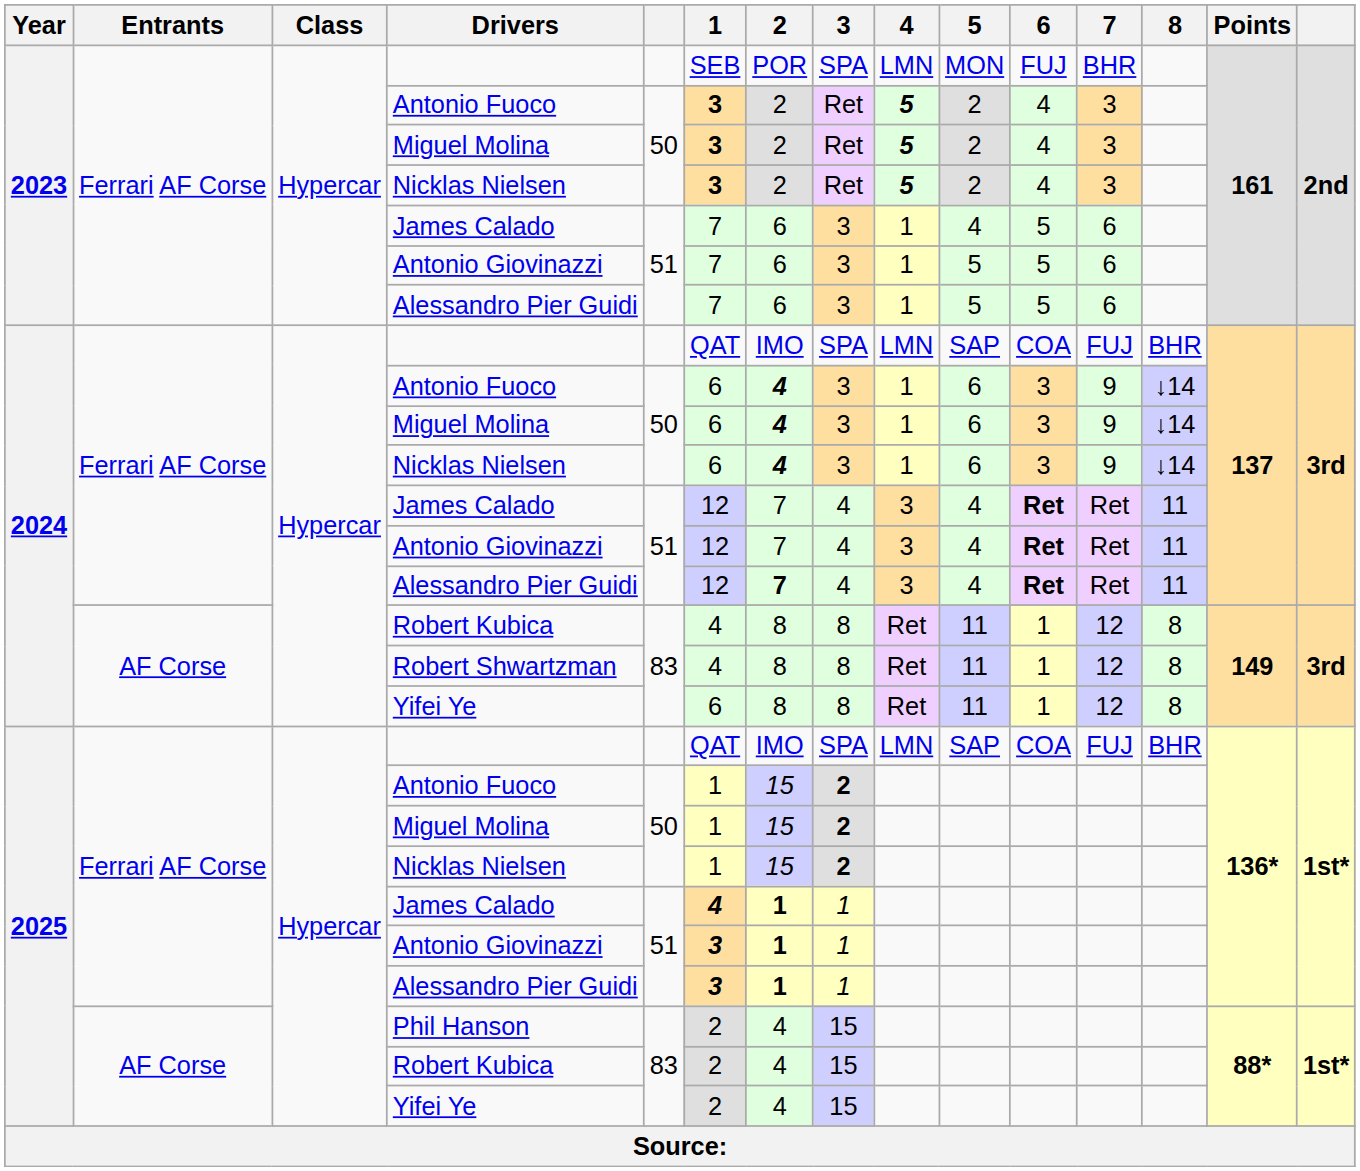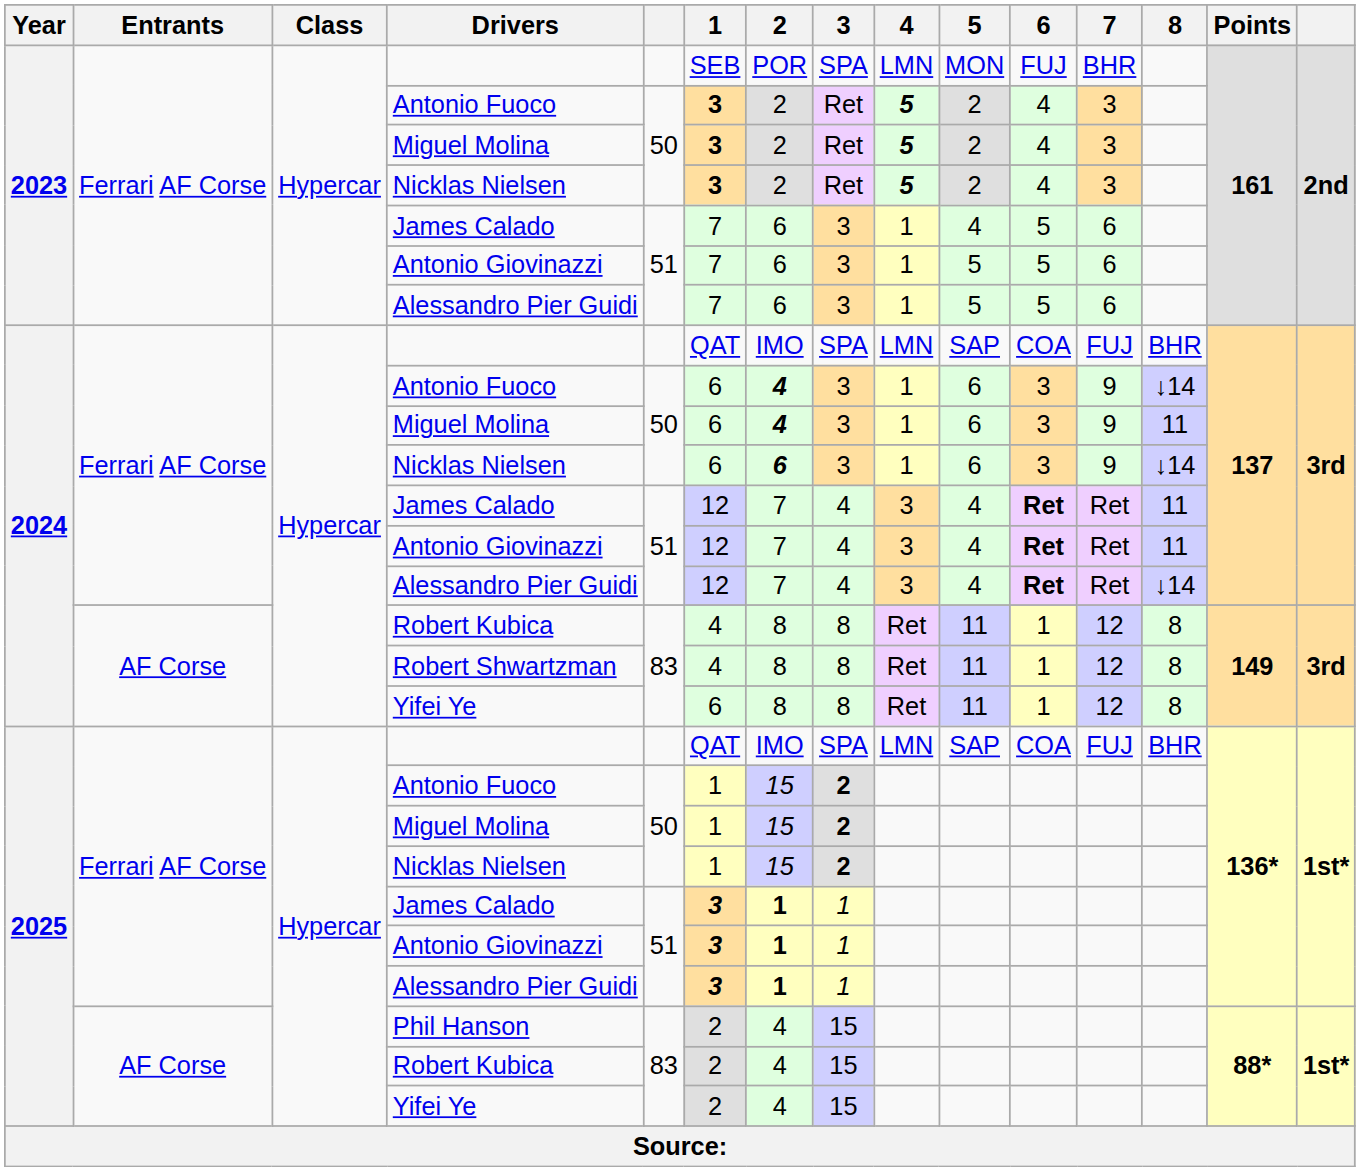 <table class="wikitable" style="text-align:center; font-size:90%">
 <tr>
 <th>Year</th>
 <th>Entrants</th>
 <th>Class</th>
 <th>Drivers</th>
 <th></th>
 <th>1</th>
 <th>2</th>
 <th>3</th>
 <th>4</th>
 <th>5</th>
 <th>6</th>
 <th>7</th>
 <th>8</th>
 <th>Points</th>
 <th></th>
 </tr>
 <tr>
 <th rowspan="7"><a href='#'>2023</a></th>
 <td rowspan="7"><a href='#'>Ferrari</a> <a href='#'>AF Corse</a></td>
 <td rowspan="7"><a href='#'>Hypercar</a></td>
 <td></td>
 <td></td>
 <td><a href='#'>SEB</a></td>
 <td><a href='#'>POR</a></td>
 <td><a href='#'>SPA</a></td>
 <td><a href='#'>LMN</a></td>
 <td><a href='#'>MON</a></td>
 <td><a href='#'>FUJ</a></td>
 <td><a href='#'>BHR</a></td>
 <td></td>
 <th rowspan="7" style="background:#dfdfdf;”">161</th>
 <th rowspan="7" style="background:#dfdfdf;”">2nd</th>
 </tr>
 <tr>
 <td align="left" style="border-left:0px"> <a href='#'>Antonio Fuoco</a></td>
 <td rowspan="3">50</td>
 <td style="background:#ffdf9f;”"><strong>3</strong></td>
 <td style="background:#dfdfdf;”">2</td>
 <td style="background:#efcfff;">Ret</td>
 <td style="background:#dfffdf;”"><strong><em>5</em></strong></td>
 <td style="background:#dfdfdf;”">2</td>
 <td style="background:#dfffdf;”">4</td>
 <td style="background:#ffdf9f;”">3</td>
 <td></td>
 </tr>
 <tr>
 <td align="left" style="border-left:0px"> <a href='#'>Miguel Molina</a></td>
 <td style="background:#ffdf9f;”"><strong>3</strong></td>
 <td style="background:#dfdfdf;”">2</td>
 <td style="background:#efcfff;">Ret</td>
 <td style="background:#dfffdf;”"><strong><em>5</em></strong></td>
 <td style="background:#dfdfdf;”">2</td>
 <td style="background:#dfffdf;”">4</td>
 <td style="background:#ffdf9f;”">3</td>
 <td></td>
 </tr>
 <tr>
 <td align="left" style="border-left:0px"> <a href='#'>Nicklas Nielsen</a></td>
 <td style="background:#ffdf9f;”"><strong>3</strong></td>
 <td style="background:#dfdfdf;”">2</td>
 <td style="background:#efcfff;">Ret</td>
 <td style="background:#dfffdf;”"><strong><em>5</em></strong></td>
 <td style="background:#dfdfdf;”">2</td>
 <td style="background:#dfffdf;”">4</td>
 <td style="background:#ffdf9f;”">3</td>
 <td></td>
 </tr>
 <tr>
 <td align="left" style="border-left:0px"> <a href='#'>James Calado</a></td>
 <td rowspan="3">51</td>
 <td style="background:#dfffdf;”">7</td>
 <td style="background:#dfffdf;”">6</td>
 <td style="background:#ffdf9f;">3</td>
 <td style="background:#ffffbf;”">1</td>
 <td style="background:#dfffdf;”">4</td>
 <td style="background:#dfffdf;”">5</td>
 <td style="background:#dfffdf;”">6</td>
 <td></td>
 </tr>
 <tr>
 <td align="left" style="border-left:0px"> <a href='#'>Antonio Giovinazzi</a></td>
 <td style="background:#dfffdf;”">7</td>
 <td style="background:#dfffdf;”">6</td>
 <td style="background:#ffdf9f;">3</td>
 <td style="background:#ffffbf;”">1</td>
 <td style="background:#dfffdf;”">5</td>
 <td style="background:#dfffdf;”">5</td>
 <td style="background:#dfffdf;”">6</td>
 <td></td>
 </tr>
 <tr>
 <td align="left" style="border-left:0px"> <a href='#'>Alessandro Pier Guidi</a></td>
 <td style="background:#dfffdf;”">7</td>
 <td style="background:#dfffdf;”">6</td>
 <td style="background:#ffdf9f;">3</td>
 <td style="background:#ffffbf;”">1</td>
 <td style="background:#dfffdf;”">5</td>
 <td style="background:#dfffdf;”">5</td>
 <td style="background:#dfffdf;”">6</td>
 <td></td>
 </tr>
 <tr>
 <th rowspan="10"><a href='#'>2024</a></th>
 <td rowspan="7"><a href='#'>Ferrari</a> <a href='#'>AF Corse</a></td>
 <td rowspan="10"><a href='#'>Hypercar</a></td>
 <td></td>
 <td></td>
 <td><a href='#'>QAT</a></td>
 <td><a href='#'>IMO</a></td>
 <td><a href='#'>SPA</a></td>
 <td><a href='#'>LMN</a></td>
 <td><a href='#'>SAP</a></td>
 <td><a href='#'>COA</a></td>
 <td><a href='#'>FUJ</a></td>
 <td><a href='#'>BHR</a></td>
 <th rowspan="7" style="background:#ffdf9f;">137</th>
 <th rowspan="7" style="background:#ffdf9f;">3rd</th>
 </tr>
 <tr>
 <td align="left" style="border-left:0px"> <a href='#'>Antonio Fuoco</a></td>
 <td rowspan="3">50</td>
 <td style="background-color:#dfffdf;">6</td>
 <td style="background:#dfffdf;”"><strong><em>4</em></strong></td>
 <td style="background:#ffdf9f;">3</td>
 <td style="background:#ffffbf;”">1</td>
 <td style="background:#dfffdf;”">6</td>
 <td style="background:#ffdf9f;">3</td>
 <td style="background:#dfffdf;”">9</td>
 <td style="background:#cfcfff;”">↓14</td>
 </tr>
 <tr>
 <td align="left" style="border-left:0px"> <a href='#'>Miguel Molina</a></td>
 <td style="background-color:#dfffdf;">6</td>
 <td style="background:#dfffdf;”"><strong><em>4</em></strong></td>
 <td style="background:#ffdf9f;">3</td>
 <td style="background:#ffffbf;”">1</td>
 <td style="background:#dfffdf;”">6</td>
 <td style="background:#ffdf9f;">3</td>
 <td style="background:#dfffdf;”">9</td>
-<td style="background:#cfcfff;”">↓14</td>
+<td style="background:#cfcfff;”">11</td>
 </tr>
 <tr>
 <td align="left" style="border-left:0px"> <a href='#'>Nicklas Nielsen</a></td>
 <td style="background-color:#dfffdf;">6</td>
-<td style="background:#dfffdf;”"><strong><em>4</em></strong></td>
+<td style="background:#dfffdf;”"><strong><em>6</em></strong></td>
 <td style="background:#ffdf9f;">3</td>
 <td style="background:#ffffbf;”">1</td>
 <td style="background:#dfffdf;”">6</td>
 <td style="background:#ffdf9f;">3</td>
 <td style="background:#dfffdf;”">9</td>
 <td style="background:#cfcfff;”">↓14</td>
 </tr>
 <tr>
 <td align="left" style="border-left:0px"> <a href='#'>James Calado</a></td>
 <td rowspan="3">51</td>
 <td style="background:#cfcfff;”">12</td>
 <td style="background:#dfffdf;”">7</td>
 <td style="background:#dfffdf;”">4</td>
 <td style="background:#ffdf9f;">3</td>
 <td style="background:#dfffdf;”">4</td>
 <td style="background:#efcfff;"><strong>Ret</strong></td>
 <td style="background:#efcfff;">Ret</td>
 <td style="background:#cfcfff;”">11</td>
 </tr>
 <tr>
 <td align="left" style="border-left:0px"> <a href='#'>Antonio Giovinazzi</a></td>
 <td style="background:#cfcfff;”">12</td>
 <td style="background:#dfffdf;”">7</td>
 <td style="background:#dfffdf;”">4</td>
 <td style="background:#ffdf9f;">3</td>
 <td style="background:#dfffdf;”">4</td>
 <td style="background:#efcfff;"><strong>Ret</strong></td>
 <td style="background:#efcfff;">Ret</td>
 <td style="background:#cfcfff;”">11</td>
 </tr>
 <tr>
 <td align="left" style="border-left:0px"> <a href='#'>Alessandro Pier Guidi</a></td>
 <td style="background:#cfcfff;”">12</td>
-<td style="background:#dfffdf;”"><strong>7</strong></td>
+<td style="background:#dfffdf;”">7</td>
 <td style="background:#dfffdf;”">4</td>
 <td style="background:#ffdf9f;">3</td>
 <td style="background:#dfffdf;”">4</td>
 <td style="background:#efcfff;"><strong>Ret</strong></td>
 <td style="background:#efcfff;">Ret</td>
-<td style="background:#cfcfff;”">11</td>
+<td style="background:#cfcfff;”">↓14</td>
 </tr>
 <tr>
 <td rowspan="3"><a href='#'>AF Corse</a></td>
 <td align="left" style="border-left:0px"> <a href='#'>Robert Kubica</a></td>
 <td rowspan="3">83</td>
 <td style="background:#dfffdf;”">4</td>
 <td style="background:#dfffdf;”">8</td>
 <td style="background:#dfffdf;”">8</td>
 <td style="background:#efcfff;">Ret</td>
 <td style="background:#cfcfff;”">11</td>
 <td style="background:#ffffbf;”">1</td>
 <td style="background:#cfcfff;”">12</td>
 <td style="background:#dfffdf;”">8</td>
 <th rowspan="3" style="background:#ffdf9f;">149</th>
 <th rowspan="3" style="background:#ffdf9f;">3rd</th>
 </tr>
 <tr>
 <td align="left" style="border-left:0px"> <a href='#'>Robert Shwartzman</a></td>
 <td style="background:#dfffdf;”">4</td>
 <td style="background:#dfffdf;”">8</td>
 <td style="background:#dfffdf;”">8</td>
 <td style="background:#efcfff;">Ret</td>
 <td style="background:#cfcfff;”">11</td>
 <td style="background:#ffffbf;”">1</td>
 <td style="background:#cfcfff;”">12</td>
 <td style="background:#dfffdf;”">8</td>
 </tr>
 <tr>
 <td align="left" style="border-left:0px"> <a href='#'>Yifei Ye</a></td>
 <td style="background:#dfffdf;”">6</td>
 <td style="background:#dfffdf;”">8</td>
 <td style="background:#dfffdf;”">8</td>
 <td style="background:#efcfff;">Ret</td>
 <td style="background:#cfcfff;”">11</td>
 <td style="background:#ffffbf;”">1</td>
 <td style="background:#cfcfff;”">12</td>
 <td style="background:#dfffdf;”">8</td>
 </tr>
 <tr>
 <th rowspan="10"><a href='#'>2025</a></th>
 <td rowspan="7"><a href='#'>Ferrari</a> <a href='#'>AF Corse</a></td>
 <td rowspan="10"><a href='#'>Hypercar</a></td>
 <td></td>
 <td></td>
 <td><a href='#'>QAT</a></td>
 <td><a href='#'>IMO</a></td>
 <td><a href='#'>SPA</a></td>
 <td><a href='#'>LMN</a></td>
 <td><a href='#'>SAP</a></td>
 <td><a href='#'>COA</a></td>
 <td><a href='#'>FUJ</a></td>
 <td><a href='#'>BHR</a></td>
 <th rowspan="7" style="background:#ffffbf;” "><strong>136</strong>*</th>
 <th rowspan="7" style="background:#ffffbf;” ">1st*</th>
 </tr>
 <tr>
 <td align="left" style="border-left:0px"> <a href='#'>Antonio Fuoco</a></td>
 <td rowspan="3">50</td>
 <td style="background:#ffffbf;”">1</td>
 <td style="background:#cfcfff;”"><em>15</em></td>
 <td style="background:#dfdfdf;”"><strong>2</strong></td>
 <td></td>
 <td></td>
 <td></td>
 <td></td>
 <td></td>
 </tr>
 <tr>
 <td align="left" style="border-left:0px"> <a href='#'>Miguel Molina</a></td>
 <td style="background:#ffffbf;”">1</td>
 <td style="background:#cfcfff;”"><em>15</em></td>
 <td style="background:#dfdfdf;”"><strong>2</strong></td>
 <td></td>
 <td></td>
 <td></td>
 <td></td>
 <td></td>
 </tr>
 <tr>
 <td align="left" style="border-left:0px"> <a href='#'>Nicklas Nielsen</a></td>
 <td style="background:#ffffbf;”">1</td>
 <td style="background:#cfcfff;”"><em>15</em></td>
 <td style="background:#dfdfdf;”"><strong>2</strong></td>
 <td></td>
 <td></td>
 <td></td>
 <td></td>
 <td></td>
 </tr>
 <tr>
 <td align="left" style="border-left:0px"> <a href='#'>James Calado</a></td>
 <td rowspan="3">51</td>
-<td style="background:#ffdf9f;"><strong><em>4</em></strong></td>
+<td style="background:#ffdf9f;"><strong><em>3</em></strong></td>
 <td style="background:#ffffbf;”"><strong>1</strong></td>
 <td style="background:#ffffbf;”"><em>1</em></td>
 <td></td>
 <td></td>
 <td></td>
 <td></td>
 <td></td>
 </tr>
 <tr>
 <td align="left" style="border-left:0px"> <a href='#'>Antonio Giovinazzi</a></td>
 <td style="background:#ffdf9f;"><strong><em>3</em></strong></td>
 <td style="background:#ffffbf;”"><strong>1</strong></td>
 <td style="background:#ffffbf;”"><em>1</em></td>
 <td></td>
 <td></td>
 <td></td>
 <td></td>
 <td></td>
 </tr>
 <tr>
 <td align="left" style="border-left:0px"> <a href='#'>Alessandro Pier Guidi</a></td>
 <td style="background:#ffdf9f;"><strong><em>3</em></strong></td>
 <td style="background:#ffffbf;”"><strong>1</strong></td>
 <td style="background:#ffffbf;”"><em>1</em></td>
 <td></td>
 <td></td>
 <td></td>
 <td></td>
 <td></td>
 </tr>
 <tr>
 <td rowspan="3"><a href='#'>AF Corse</a></td>
 <td align="left" style="border-left:0px"> <a href='#'>Phil Hanson</a></td>
 <td rowspan="3">83</td>
 <td style="background:#dfdfdf;”">2</td>
 <td style="background:#dfffdf;”">4</td>
 <td style="background:#cfcfff;”">15</td>
 <td></td>
 <td></td>
 <td></td>
 <td></td>
 <td></td>
 <th rowspan="3" style="background:#ffffbf;”">88*</th>
 <th rowspan="3" style="background:#ffffbf;”">1st*</th>
 </tr>
 <tr>
 <td align="left" style="border-left:0px"> <a href='#'>Robert Kubica</a></td>
 <td style="background:#dfdfdf;”">2</td>
 <td style="background:#dfffdf;”">4</td>
 <td style="background:#cfcfff;”">15</td>
 <td></td>
 <td></td>
 <td></td>
 <td></td>
 <td></td>
 </tr>
 <tr>
 <td align="left" style="border-left:0px"> <a href='#'>Yifei Ye</a></td>
 <td style="background:#dfdfdf;”">2</td>
 <td style="background:#dfffdf;”">4</td>
 <td style="background:#cfcfff;”">15</td>
 <td></td>
 <td></td>
 <td></td>
 <td></td>
 <td></td>
 </tr>
 <tr>
 <th colspan="15">Source:</th>
 </tr>
 </table>
